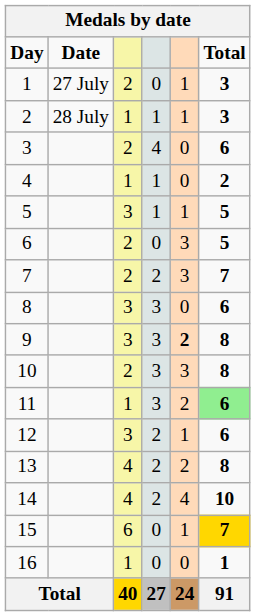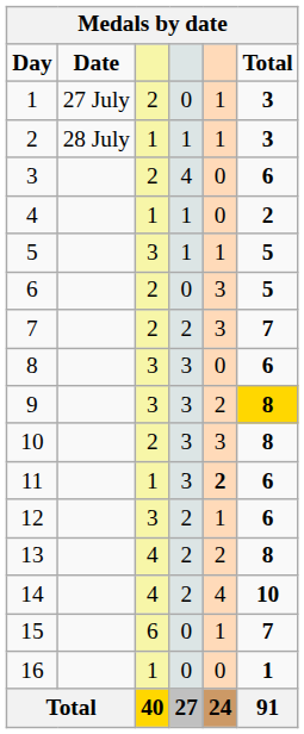 <table class="wikitable" style="font-size:85%; float:right">
 <tr bgcolor="#efefef">
 <th colspan=6>Medals by date</th>
 </tr>
 <tr align=center>
 <td><strong>Day</strong></td>
 <td><strong>Date</strong></td>
 <td bgcolor=#f7f6a8></td>
 <td bgcolor=#dce5e5></td>
 <td bgcolor=#ffdab9></td>
 <td><strong>Total</strong></td>
 </tr>
 <tr align=center>
 <td>1</td>
 <td>27 July</td>
 <td style="background:#F7F6A8;">2</td>
 <td style="background:#DCE5E5;">0</td>
 <td style="background:#FFDAB9;">1</td>
 <td><strong>3</strong></td>
 </tr>
 <tr align=center>
 <td>2</td>
 <td>28 July</td>
 <td style="background:#F7F6A8;">1</td>
 <td style="background:#DCE5E5;">1</td>
 <td style="background:#FFDAB9;">1</td>
 <td><strong>3</strong></td>
 </tr>
 <tr align=center>
 <td>3</td>
 <td></td>
 <td style="background:#F7F6A8;">2</td>
 <td style="background:#DCE5E5;">4</td>
 <td style="background:#FFDAB9;">0</td>
 <td><strong>6</strong></td>
 </tr>
 <tr align=center>
 <td>4</td>
 <td></td>
 <td style="background:#F7F6A8;">1</td>
 <td style="background:#DCE5E5;">1</td>
 <td style="background:#FFDAB9;">0</td>
 <td><strong>2</strong></td>
 </tr>
 <tr align=center>
 <td>5</td>
 <td></td>
 <td style="background:#F7F6A8;">3</td>
 <td style="background:#DCE5E5;">1</td>
 <td style="background:#FFDAB9;">1</td>
 <td><strong>5</strong></td>
 </tr>
 <tr align=center>
 <td>6</td>
 <td></td>
 <td style="background:#F7F6A8;">2</td>
 <td style="background:#DCE5E5;">0</td>
 <td style="background:#FFDAB9;">3</td>
 <td><strong>5</strong></td>
 </tr>
 <tr align=center>
 <td>7</td>
 <td></td>
 <td style="background:#F7F6A8;">2</td>
 <td style="background:#DCE5E5;">2</td>
 <td style="background:#FFDAB9;">3</td>
 <td><strong>7</strong></td>
 </tr>
 <tr align=center>
 <td>8</td>
 <td></td>
 <td style="background:#F7F6A8;">3</td>
 <td style="background:#DCE5E5;">3</td>
 <td style="background:#FFDAB9;">0</td>
 <td><strong>6</strong></td>
 </tr>
 <tr align=center>
 <td>9</td>
 <td></td>
 <td style="background:#F7F6A8;">3</td>
 <td style="background:#DCE5E5;">3</td>
-<td style="background:#FFDAB9;"><strong>2</strong></td>
-<td><strong>8</strong></td>
+<td style="background:#FFDAB9;">2</td>
+<td style="background: gold;"><strong>8</strong></td>
 </tr>
 <tr align=center>
 <td>10</td>
 <td></td>
 <td style="background:#F7F6A8;">2</td>
 <td style="background:#DCE5E5;">3</td>
 <td style="background:#FFDAB9;">3</td>
 <td><strong>8</strong></td>
 </tr>
 <tr align=center>
 <td>11</td>
 <td></td>
 <td style="background:#F7F6A8;">1</td>
 <td style="background:#DCE5E5;">3</td>
-<td style="background:#FFDAB9;">2</td>
-<td style="background: lightgreen;"><strong>6</strong></td>
+<td style="background:#FFDAB9;"><strong>2</strong></td>
+<td><strong>6</strong></td>
 </tr>
 <tr align=center>
 <td>12</td>
 <td></td>
 <td style="background:#F7F6A8;">3</td>
 <td style="background:#DCE5E5;">2</td>
 <td style="background:#FFDAB9;">1</td>
 <td><strong>6</strong></td>
 </tr>
 <tr align=center>
 <td>13</td>
 <td></td>
 <td style="background:#F7F6A8;">4</td>
 <td style="background:#DCE5E5;">2</td>
 <td style="background:#FFDAB9;">2</td>
 <td><strong>8</strong></td>
 </tr>
 <tr align=center>
 <td>14</td>
 <td></td>
 <td style="background:#F7F6A8;">4</td>
 <td style="background:#DCE5E5;">2</td>
 <td style="background:#FFDAB9;">4</td>
 <td><strong>10</strong></td>
 </tr>
 <tr align=center>
 <td>15</td>
 <td></td>
 <td style="background:#F7F6A8;">6</td>
 <td style="background:#DCE5E5;">0</td>
 <td style="background:#FFDAB9;">1</td>
-<td style="background: gold;"><strong>7</strong></td>
+<td><strong>7</strong></td>
 </tr>
 <tr align=center>
 <td>16</td>
 <td></td>
 <td style="background:#F7F6A8;">1</td>
 <td style="background:#DCE5E5;">0</td>
 <td style="background:#FFDAB9;">0</td>
 <td><strong>1</strong></td>
 </tr>
 <tr>
 <th colspan=2><strong>Total</strong></th>
 <th style="background:gold;"><strong>40</strong></th>
 <th style="background:silver;"><strong>27</strong></th>
 <th style="background:#c96;"><strong>24</strong></th>
 <th><strong>91</strong></th>
 </tr>
 </table>
